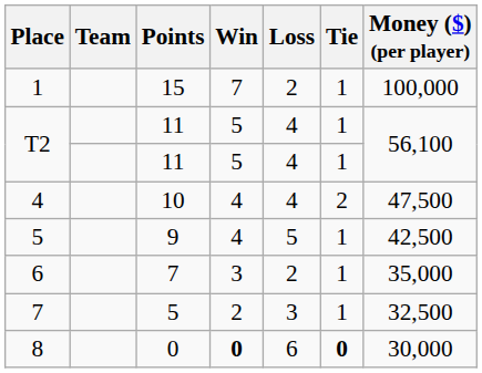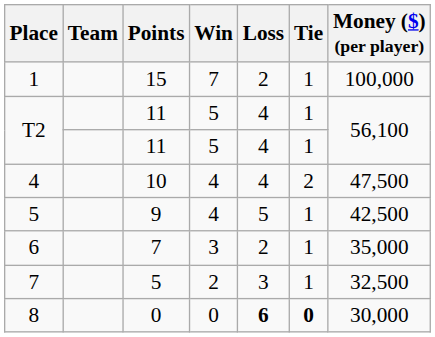 <table class=wikitable style=text-align:center>
 <tr>
 <th>Place</th>
 <th>Team</th>
 <th>Points</th>
 <th>Win</th>
 <th>Loss</th>
 <th>Tie</th>
 <th>Money (<a href='#'>$</a>)<br><small>(per player)</small></th>
 </tr>
 <tr>
 <td>1</td>
 <td align=left></td>
 <td>15</td>
 <td>7</td>
 <td>2</td>
 <td>1</td>
 <td>100,000</td>
 </tr>
 <tr>
 <td rowspan=2>T2</td>
 <td align=left></td>
 <td>11</td>
 <td>5</td>
 <td>4</td>
 <td>1</td>
 <td rowspan=2>56,100</td>
 </tr>
 <tr>
 <td align=left></td>
 <td>11</td>
 <td>5</td>
 <td>4</td>
 <td>1</td>
 </tr>
 <tr>
 <td>4</td>
 <td align=left></td>
 <td>10</td>
 <td>4</td>
 <td>4</td>
 <td>2</td>
 <td>47,500</td>
 </tr>
 <tr>
 <td>5</td>
 <td align=left></td>
 <td>9</td>
 <td>4</td>
 <td>5</td>
 <td>1</td>
 <td>42,500</td>
 </tr>
 <tr>
 <td>6</td>
 <td align=left></td>
 <td>7</td>
 <td>3</td>
 <td>2</td>
 <td>1</td>
 <td>35,000</td>
 </tr>
 <tr>
 <td>7</td>
 <td align=left></td>
 <td>5</td>
 <td>2</td>
 <td>3</td>
 <td>1</td>
 <td>32,500</td>
 </tr>
 <tr>
 <td>8</td>
 <td align=left></td>
 <td>0</td>
-<td><strong>0</strong></td>
-<td>6</td>
+<td>0</td>
+<td><strong>6</strong></td>
 <td><strong>0</strong></td>
 <td>30,000</td>
 </tr>
 </table>
